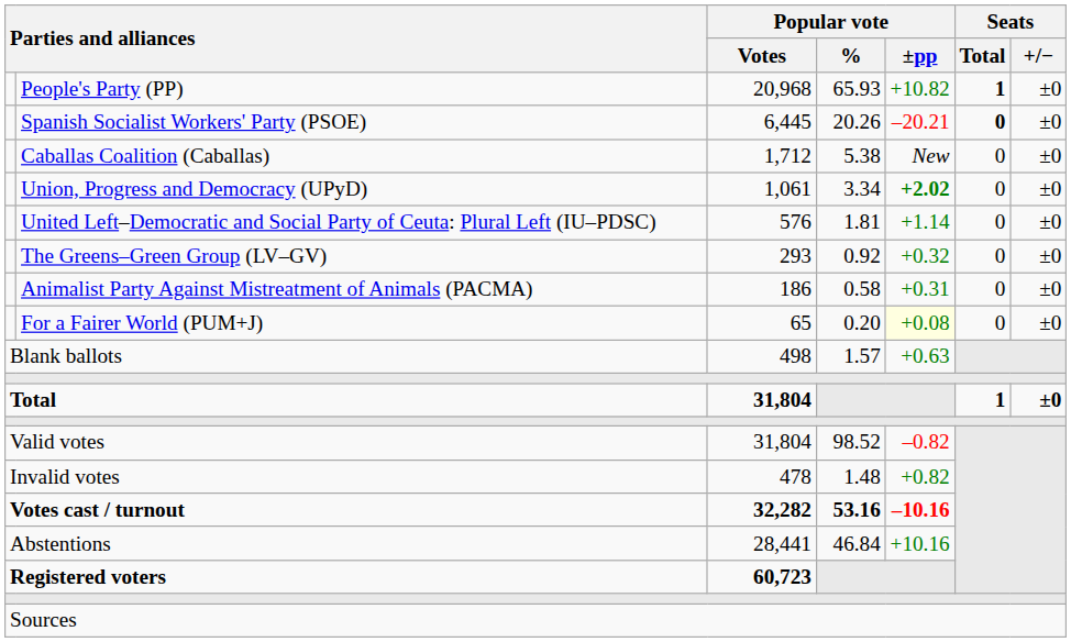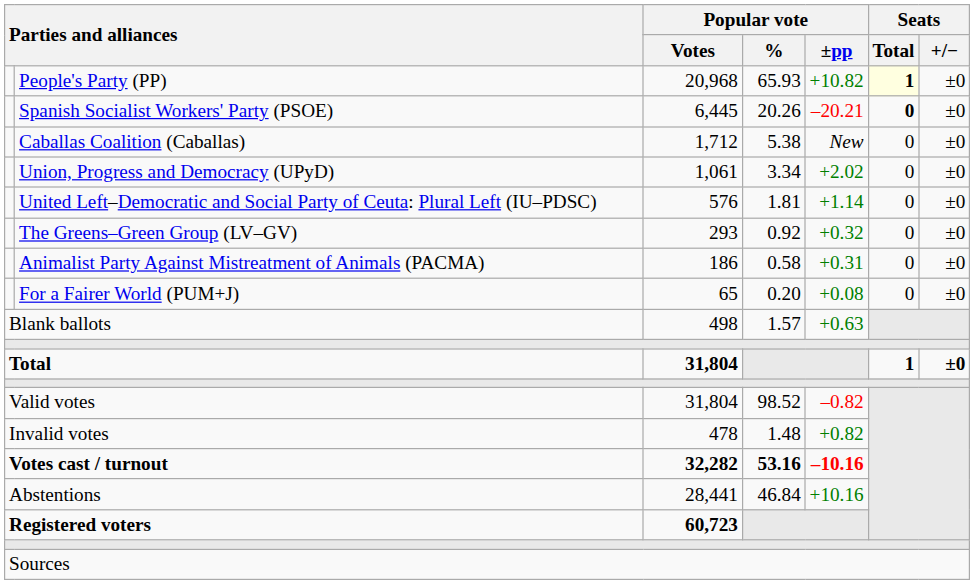 <table class="wikitable" style="text-align:right;">
 <tr>
 <th style="text-align:left;" rowspan="2" colspan="2" width="525">Parties and alliances</th>
 <th colspan="3">Popular vote</th>
 <th colspan="2">Seats</th>
 </tr>
 <tr>
 <th width="75">Votes</th>
 <th width="45">%</th>
 <th width="45">±<a href='#'>pp</a></th>
 <th width="35">Total</th>
 <th width="35">+/−</th>
 </tr>
 <tr>
 <td width="1" style="color:inherit;background:"></td>
 <td align="left"><a href='#'>People's Party</a> (PP)</td>
 <td>20,968</td>
 <td>65.93</td>
 <td style="color:green;">+10.82</td>
-<td><strong>1</strong></td>
+<td style="background: lightyellow;"><strong>1</strong></td>
 <td>±0</td>
 </tr>
 <tr>
 <td style="color:inherit;background:"></td>
 <td align="left"><a href='#'>Spanish Socialist Workers' Party</a> (PSOE)</td>
 <td>6,445</td>
 <td>20.26</td>
 <td style="color:red;">–20.21</td>
 <td><strong>0</strong></td>
 <td>±0</td>
 </tr>
 <tr>
 <td style="color:inherit;background:"></td>
 <td align="left"><a href='#'>Caballas Coalition</a> (Caballas)</td>
 <td>1,712</td>
 <td>5.38</td>
 <td><em>New</em></td>
 <td>0</td>
 <td>±0</td>
 </tr>
 <tr>
 <td style="color:inherit;background:"></td>
 <td align="left"><a href='#'>Union, Progress and Democracy</a> (UPyD)</td>
 <td>1,061</td>
 <td>3.34</td>
-<td style="color:green;"><strong>+2.02</strong></td>
+<td style="color:green;">+2.02</td>
 <td>0</td>
 <td>±0</td>
 </tr>
 <tr>
 <td style="color:inherit;background:"></td>
 <td align="left"><a href='#'>United Left</a>–<a href='#'>Democratic and Social Party of Ceuta</a>: <a href='#'>Plural Left</a> (IU–PDSC)</td>
 <td>576</td>
 <td>1.81</td>
 <td style="color:green;">+1.14</td>
 <td>0</td>
 <td>±0</td>
 </tr>
 <tr>
 <td style="color:inherit;background:"></td>
 <td align="left"><a href='#'>The Greens–Green Group</a> (LV–GV)</td>
 <td>293</td>
 <td>0.92</td>
 <td style="color:green;">+0.32</td>
 <td>0</td>
 <td>±0</td>
 </tr>
 <tr>
 <td style="color:inherit;background:"></td>
 <td align="left"><a href='#'>Animalist Party Against Mistreatment of Animals</a> (PACMA)</td>
 <td>186</td>
 <td>0.58</td>
 <td style="color:green;">+0.31</td>
 <td>0</td>
 <td>±0</td>
 </tr>
 <tr>
 <td style="color:inherit;background:"></td>
 <td align="left"><a href='#'>For a Fairer World</a> (PUM+J)</td>
 <td>65</td>
 <td>0.20</td>
-<td style="background: lightyellow; color:green;">+0.08</td>
+<td style="color:green;">+0.08</td>
 <td>0</td>
 <td>±0</td>
 </tr>
 <tr>
 <td align="left" colspan="2">Blank ballots</td>
 <td>498</td>
 <td>1.57</td>
 <td style="color:green;">+0.63</td>
 <td bgcolor="#E9E9E9" colspan="2"></td>
 </tr>
 <tr>
 <td colspan="7" bgcolor="#E9E9E9"></td>
 </tr>
 <tr style="font-weight:bold;">
 <td align="left" colspan="2">Total</td>
 <td>31,804</td>
 <td bgcolor="#E9E9E9" colspan="2"></td>
 <td>1</td>
 <td>±0</td>
 </tr>
 <tr>
 <td colspan="7" bgcolor="#E9E9E9"></td>
 </tr>
 <tr>
 <td align="left" colspan="2">Valid votes</td>
 <td>31,804</td>
 <td>98.52</td>
 <td style="color:red;">–0.82</td>
 <td bgcolor="#E9E9E9" colspan="2" rowspan="5"></td>
 </tr>
 <tr>
 <td align="left" colspan="2">Invalid votes</td>
 <td>478</td>
 <td>1.48</td>
 <td style="color:green;">+0.82</td>
 </tr>
 <tr style="font-weight:bold;">
 <td align="left" colspan="2">Votes cast / turnout</td>
 <td>32,282</td>
 <td>53.16</td>
 <td style="color:red;">–10.16</td>
 </tr>
 <tr>
 <td align="left" colspan="2">Abstentions</td>
 <td>28,441</td>
 <td>46.84</td>
 <td style="color:green;">+10.16</td>
 </tr>
 <tr style="font-weight:bold;">
 <td align="left" colspan="2">Registered voters</td>
 <td>60,723</td>
 <td bgcolor="#E9E9E9" colspan="2"></td>
 </tr>
 <tr>
 <td colspan="7" bgcolor="#E9E9E9"></td>
 </tr>
 <tr>
 <td align="left" colspan="7">Sources</td>
 </tr>
 </table>
